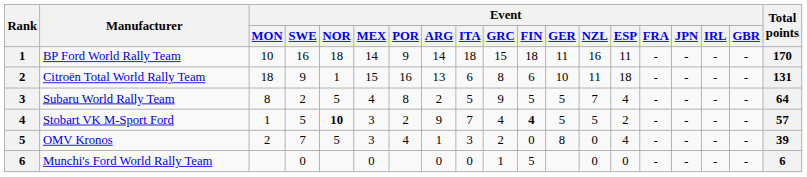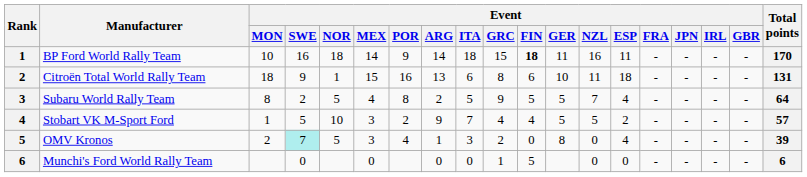 <table class="wikitable" style="text-align:center; font-size:90%;">
 <tr>
 <th rowspan=2>Rank</th>
 <th rowspan=2 style="width:16em">Manufacturer</th>
 <th colspan=16>Event</th>
 <th rowspan=2>Total<br>points</th>
 </tr>
 <tr valign="top">
 <th><a href='#'>MON</a><br></th>
 <th><a href='#'>SWE</a><br></th>
 <th><a href='#'>NOR</a><br></th>
 <th><a href='#'>MEX</a><br></th>
 <th><a href='#'>POR</a><br></th>
 <th><a href='#'>ARG</a><br></th>
 <th><a href='#'>ITA</a><br></th>
 <th><a href='#'>GRC</a><br></th>
 <th><a href='#'>FIN</a><br></th>
 <th><a href='#'>GER</a><br></th>
 <th><a href='#'>NZL</a><br></th>
 <th><a href='#'>ESP</a><br></th>
 <th><a href='#'>FRA</a><br></th>
 <th><a href='#'>JPN</a><br></th>
 <th><a href='#'>IRL</a><br></th>
 <th><a href='#'>GBR</a><br></th>
 </tr>
 <tr>
 <th>1</th>
 <td align=left><a href='#'>BP Ford World Rally Team</a></td>
 <td>10</td>
 <td>16</td>
 <td>18</td>
 <td>14</td>
 <td>9</td>
 <td>14</td>
 <td>18</td>
 <td>15</td>
-<td>18</td>
+<td><strong>18</strong></td>
 <td>11</td>
 <td>16</td>
 <td>11</td>
 <td>-</td>
 <td>-</td>
 <td>-</td>
 <td>-</td>
 <th>170</th>
 </tr>
 <tr>
 <th>2</th>
 <td align=left><a href='#'>Citroën Total World Rally Team</a></td>
 <td>18</td>
 <td>9</td>
 <td>1</td>
 <td>15</td>
 <td>16</td>
 <td>13</td>
 <td>6</td>
 <td>8</td>
 <td>6</td>
 <td>10</td>
 <td>11</td>
 <td>18</td>
 <td>-</td>
 <td>-</td>
 <td>-</td>
 <td>-</td>
 <th>131</th>
 </tr>
 <tr>
 <th>3</th>
 <td align=left><a href='#'>Subaru World Rally Team</a></td>
 <td>8</td>
 <td>2</td>
 <td>5</td>
 <td>4</td>
 <td>8</td>
 <td>2</td>
 <td>5</td>
 <td>9</td>
 <td>5</td>
 <td>5</td>
 <td>7</td>
 <td>4</td>
 <td>-</td>
 <td>-</td>
 <td>-</td>
 <td>-</td>
 <th>64</th>
 </tr>
 <tr>
 <th>4</th>
 <td align=left><a href='#'>Stobart VK M-Sport Ford</a></td>
 <td>1</td>
 <td>5</td>
-<td><strong>10</strong></td>
+<td>10</td>
 <td>3</td>
 <td>2</td>
 <td>9</td>
 <td>7</td>
 <td>4</td>
-<td><strong>4</strong></td>
+<td>4</td>
 <td>5</td>
 <td>5</td>
 <td>2</td>
 <td>-</td>
 <td>-</td>
 <td>-</td>
 <td>-</td>
 <th>57</th>
 </tr>
 <tr>
 <th>5</th>
 <td align=left><a href='#'>OMV Kronos</a></td>
 <td>2</td>
-<td>7</td>
+<td style="background: paleturquoise;">7</td>
 <td>5</td>
 <td>3</td>
 <td>4</td>
 <td>1</td>
 <td>3</td>
 <td>2</td>
 <td>0</td>
 <td>8</td>
 <td>0</td>
 <td>4</td>
 <td>-</td>
 <td>-</td>
 <td>-</td>
 <td>-</td>
 <th>39</th>
 </tr>
 <tr>
 <th>6</th>
 <td align="left"><a href='#'>Munchi's Ford World Rally Team</a></td>
 <td></td>
 <td>0</td>
 <td></td>
 <td>0</td>
 <td></td>
 <td>0</td>
 <td>0</td>
 <td>1</td>
 <td>5</td>
 <td></td>
 <td>0</td>
 <td>0</td>
 <td>-</td>
 <td>-</td>
 <td>-</td>
 <td>-</td>
 <th>6</th>
 </tr>
 </table>
